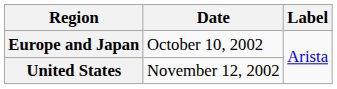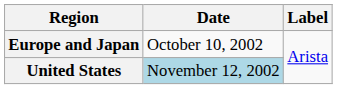 <table class="wikitable plainrowheaders">
 <tr>
 <th scope="col">Region</th>
 <th scope="col">Date</th>
 <th scope="col">Label</th>
 </tr>
 <tr>
 <th scope="row">Europe and Japan</th>
 <td>October 10, 2002</td>
 <td rowspan="2"><a href='#'>Arista</a></td>
 </tr>
 <tr>
 <th scope="row">United States</th>
-<td>November 12, 2002</td>
+<td style="background: lightblue;">November 12, 2002</td>
 </tr>
 </table>
